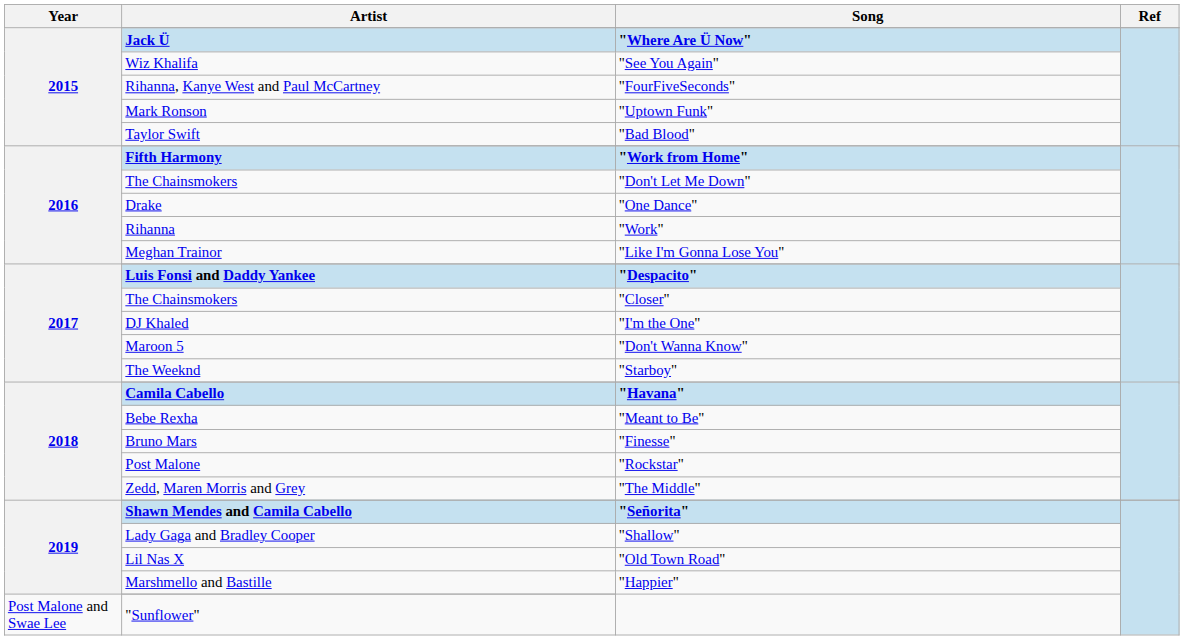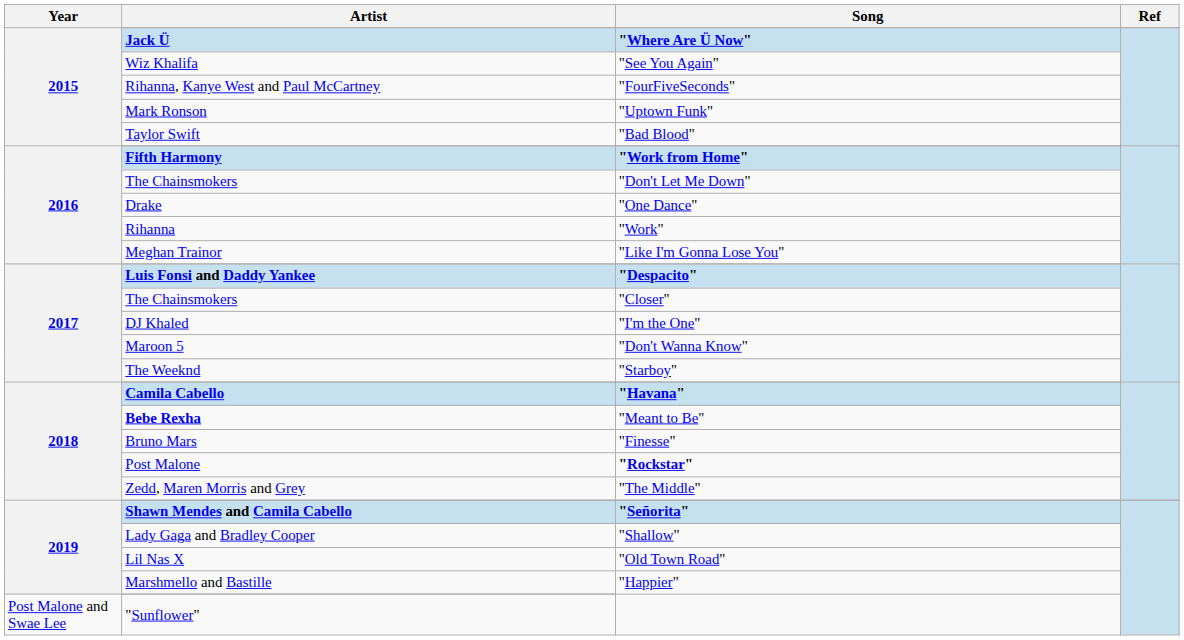 <table class="wikitable" width="100%">
 <tr>
 <th width="10%">Year</th>
 <th width="42%">Artist</th>
 <th width="43%">Song</th>
 <th width="5%">Ref</th>
 </tr>
 <tr>
 <th rowspan="6" align="center"><a href='#'>2015<br></a></th>
 </tr>
 <tr style="background:#c5e1f0">
 <td><strong><a href='#'>Jack Ü</a> </strong></td>
 <td><strong>"<a href='#'>Where Are Ü Now</a>"</strong></td>
 <td rowspan="6" align="center"></td>
 </tr>
 <tr>
 <td><a href='#'>Wiz Khalifa</a> </td>
 <td>"<a href='#'>See You Again</a>"</td>
 </tr>
 <tr>
 <td><a href='#'>Rihanna</a>, <a href='#'>Kanye West</a> and <a href='#'>Paul McCartney</a></td>
 <td>"<a href='#'>FourFiveSeconds</a>"</td>
 </tr>
 <tr>
 <td><a href='#'>Mark Ronson</a> </td>
 <td>"<a href='#'>Uptown Funk</a>"</td>
 </tr>
 <tr>
 <td><a href='#'>Taylor Swift</a> </td>
 <td>"<a href='#'>Bad Blood</a>"</td>
 </tr>
 <tr>
 <th rowspan="6" align="center"><a href='#'>2016<br></a></th>
 </tr>
 <tr style="background:#c5e1f0">
 <td><strong><a href='#'>Fifth Harmony</a> </strong></td>
 <td><strong>"<a href='#'>Work from Home</a>"</strong></td>
 <td rowspan="6" align="center"></td>
 </tr>
 <tr>
 <td><a href='#'>The Chainsmokers</a> </td>
 <td>"<a href='#'>Don't Let Me Down</a>"</td>
 </tr>
 <tr>
 <td><a href='#'>Drake</a> </td>
 <td>"<a href='#'>One Dance</a>"</td>
 </tr>
 <tr>
 <td><a href='#'>Rihanna</a> </td>
 <td>"<a href='#'>Work</a>"</td>
 </tr>
 <tr>
 <td><a href='#'>Meghan Trainor</a> </td>
 <td>"<a href='#'>Like I'm Gonna Lose You</a>"</td>
 </tr>
 <tr>
 <th rowspan="6" align="center"><a href='#'>2017<br></a></th>
 </tr>
 <tr style="background:#c5e1f0">
 <td><strong><a href='#'>Luis Fonsi</a> and <a href='#'>Daddy Yankee</a> </strong></td>
 <td><strong>"<a href='#'>Despacito</a>"</strong></td>
 <td rowspan="6" align="center"></td>
 </tr>
 <tr>
 <td><a href='#'>The Chainsmokers</a> </td>
 <td>"<a href='#'>Closer</a>"</td>
 </tr>
 <tr>
 <td><a href='#'>DJ Khaled</a> </td>
 <td>"<a href='#'>I'm the One</a>"</td>
 </tr>
 <tr>
 <td><a href='#'>Maroon 5</a> </td>
 <td>"<a href='#'>Don't Wanna Know</a>"</td>
 </tr>
 <tr>
 <td><a href='#'>The Weeknd</a> </td>
 <td>"<a href='#'>Starboy</a>"</td>
 </tr>
 <tr>
 <th rowspan="6" align="center"><a href='#'>2018<br></a></th>
 </tr>
 <tr style="background:#c5e1f0">
 <td><strong><a href='#'>Camila Cabello</a> </strong></td>
 <td><strong>"<a href='#'>Havana</a>"</strong></td>
 <td rowspan="5" align="center"></td>
 </tr>
 <tr>
-<td><a href='#'>Bebe Rexha</a> </td>
+<td><strong><a href='#'>Bebe Rexha</a> </strong></td>
 <td>"<a href='#'>Meant to Be</a>"</td>
 </tr>
 <tr>
 <td><a href='#'>Bruno Mars</a> </td>
 <td>"<a href='#'>Finesse</a>"</td>
 </tr>
 <tr>
 <td><a href='#'>Post Malone</a> </td>
-<td>"<a href='#'>Rockstar</a>"</td>
+<td><strong>"<a href='#'>Rockstar</a>"</strong></td>
 </tr>
 <tr>
 <td><a href='#'>Zedd</a>, <a href='#'>Maren Morris</a> and <a href='#'>Grey</a></td>
 <td>"<a href='#'>The Middle</a>"</td>
 </tr>
 <tr>
 <th rowspan="6"><a href='#'>2019<br></a></th>
 </tr>
 <tr style="background:#c5e1f0">
 <td><strong><a href='#'>Shawn Mendes</a> and <a href='#'>Camila Cabello</a></strong></td>
 <td><strong>"<a href='#'>Señorita</a>"</strong></td>
 <td rowspan="6" align="center"></td>
 </tr>
 <tr>
 <td><a href='#'>Lady Gaga</a> and <a href='#'>Bradley Cooper</a></td>
 <td>"<a href='#'>Shallow</a>"</td>
 </tr>
 <tr>
 <td><a href='#'>Lil Nas X</a> </td>
 <td>"<a href='#'>Old Town Road</a>"</td>
 </tr>
 <tr>
 <td><a href='#'>Marshmello</a> and <a href='#'>Bastille</a></td>
 <td>"<a href='#'>Happier</a>"</td>
 </tr>
 <tr>
 </tr>
 <tr>
 <td><a href='#'>Post Malone</a> and <a href='#'>Swae Lee</a></td>
 <td>"<a href='#'>Sunflower</a>"</td>
 </tr>
 </table>
